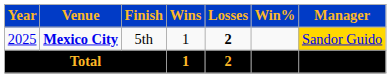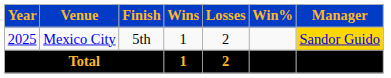 <table class="wikitable sortable plainrowheaders" style="text-align:center;">
 <tr>
 <th scope="col" style="background-color:#013BC6; color:#FDB827;">Year</th>
 <th scope="col" style="background-color:#013BC6; color:#FDB827;">Venue</th>
 <th scope="col" style="background-color:#013BC6; color:#FDB827;">Finish</th>
 <th scope="col" style="background-color:#013BC6; color:#FDB827;">Wins</th>
 <th scope="col" style="background-color:#013BC6; color:#FDB827;">Losses</th>
 <th scope="col" style="background-color:#013BC6; color:#FDB827;">Win%</th>
 <th scope="col" style="background-color:#013BC6; color:#FDB827;">Manager</th>
 </tr>
 <tr>
 <td><a href='#'>2025</a></td>
-<td align=left><strong> <a href='#'>Mexico City</a></strong></td>
+<td align=left> <a href='#'>Mexico City</a></td>
 <td>5th</td>
 <td>1</td>
-<td><strong>2</strong></td>
+<td>2</td>
 <td></td>
 <td align=left style="background: gold;"> <a href='#'>Sandor Guido</a></td>
 </tr>
 <tr style="text-align:center; background-color:#000000; color:#FDB827;">
 <td colspan="3"><strong>Total</strong></td>
 <td><strong>1</strong></td>
 <td><strong>2</strong></td>
 <td><strong></strong></td>
 <td></td>
 </tr>
 </table>
